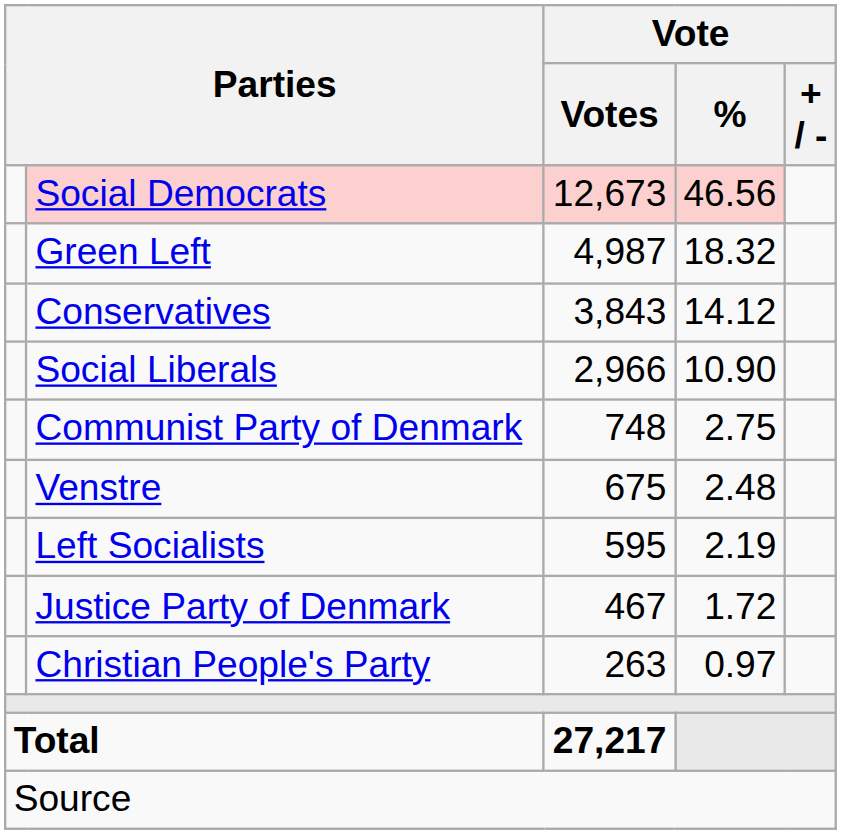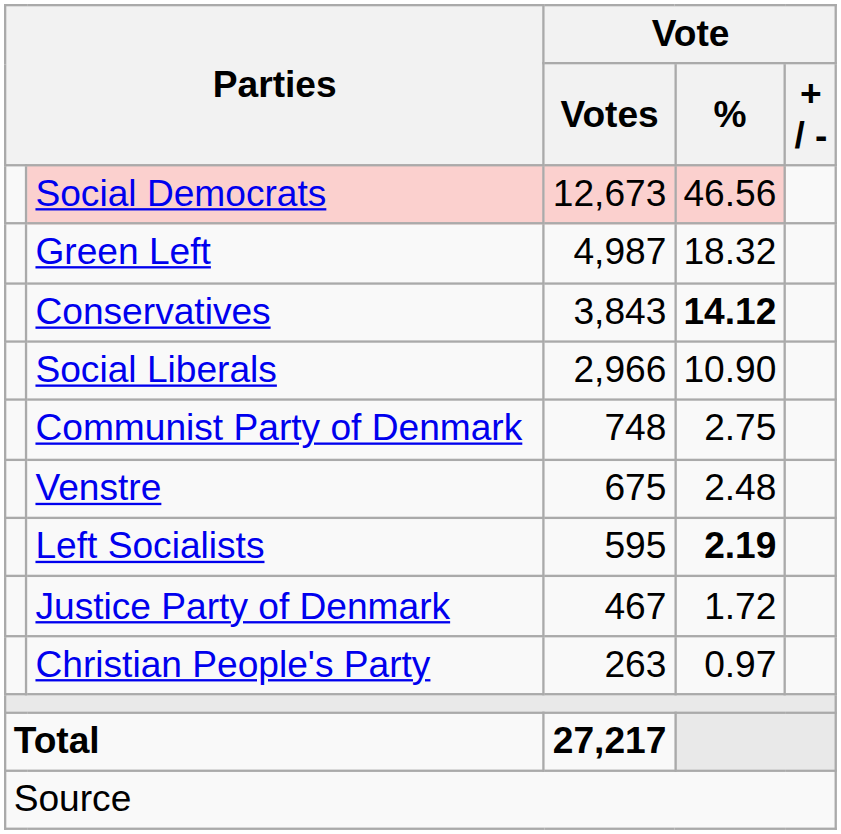 <table class="wikitable" style="text-align:right;">
 <tr>
 <th style="text-align:centre;" rowspan="2" colspan="2" width="225">Parties</th>
 <th colspan="3">Vote</th>
 </tr>
 <tr>
 <th width="15">Votes</th>
 <th width="15">%</th>
 <th width="15">+ / -</th>
 </tr>
 <tr>
 <td width="2" style="color:inherit;background:"></td>
 <td bgcolor=#fbd0ce  align="left"><a href='#'>Social Democrats</a></td>
 <td bgcolor=#fbd0ce>12,673</td>
 <td bgcolor=#fbd0ce>46.56</td>
 <td></td>
 </tr>
 <tr>
 <td width="2" style="color:inherit;background:"></td>
 <td align="left"><a href='#'>Green Left</a></td>
 <td>4,987</td>
 <td>18.32</td>
 <td></td>
 </tr>
 <tr>
 <td width="2" style="color:inherit;background:"></td>
 <td align="left"><a href='#'>Conservatives</a></td>
 <td>3,843</td>
-<td>14.12</td>
+<td><strong>14.12</strong></td>
 <td></td>
 </tr>
 <tr>
 <td width="2" style="color:inherit;background:"></td>
 <td align="left"><a href='#'>Social Liberals</a></td>
 <td>2,966</td>
 <td>10.90</td>
 <td></td>
 </tr>
 <tr>
 <td width="2" style="color:inherit;background:"></td>
 <td align="left"><a href='#'>Communist Party of Denmark</a></td>
 <td>748</td>
 <td>2.75</td>
 <td></td>
 </tr>
 <tr>
 <td width="2" style="color:inherit;background:"></td>
 <td align="left"><a href='#'>Venstre</a></td>
 <td>675</td>
 <td>2.48</td>
 <td></td>
 </tr>
 <tr>
 <td width="2" style="color:inherit;background:"></td>
 <td align="left"><a href='#'>Left Socialists</a></td>
 <td>595</td>
-<td>2.19</td>
+<td><strong>2.19</strong></td>
 <td></td>
 </tr>
 <tr>
 <td width="2" style="color:inherit;background:"></td>
 <td align="left"><a href='#'>Justice Party of Denmark</a></td>
 <td>467</td>
 <td>1.72</td>
 <td></td>
 </tr>
 <tr>
 <td width="2" style="color:inherit;background:"></td>
 <td align="left"><a href='#'>Christian People's Party</a></td>
 <td>263</td>
 <td>0.97</td>
 <td></td>
 </tr>
 <tr>
 <td colspan="7" bgcolor="#E9E9E9"></td>
 </tr>
 <tr>
 <td align="left" colspan="2"><strong>Total</strong></td>
 <td><strong>27,217</strong></td>
 <td bgcolor="#E9E9E9" colspan="2"></td>
 </tr>
 <tr>
 <td align="left" colspan="6">Source</td>
 </tr>
 </table>
